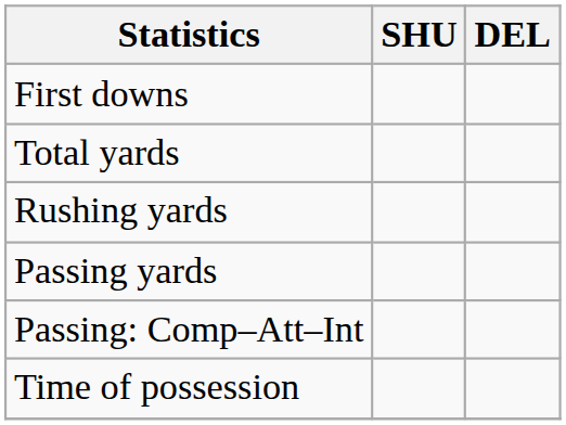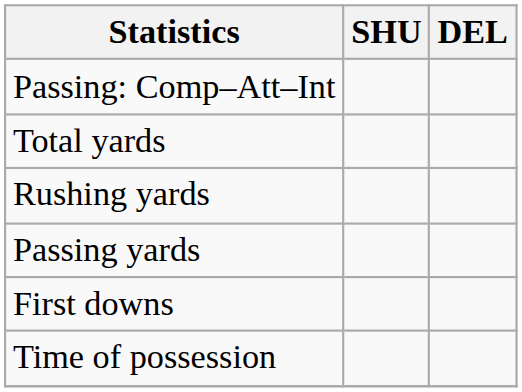 <table class="wikitable" style="float: left;">
 <tr>
 <th>Statistics</th>
 <th>SHU</th>
 <th>DEL</th>
 </tr>
 <tr>
-<td>First downs</td>
+<td>Passing: Comp–Att–Int</td>
 <td></td>
 <td></td>
 </tr>
 <tr>
 <td>Total yards</td>
 <td></td>
 <td></td>
 </tr>
 <tr>
 <td>Rushing yards</td>
 <td></td>
 <td></td>
 </tr>
 <tr>
 <td>Passing yards</td>
 <td></td>
 <td></td>
 </tr>
 <tr>
-<td>Passing: Comp–Att–Int</td>
+<td>First downs</td>
 <td></td>
 <td></td>
 </tr>
 <tr>
 <td>Time of possession</td>
 <td></td>
 <td></td>
 </tr>
 <tr>
 </tr>
 </table>
